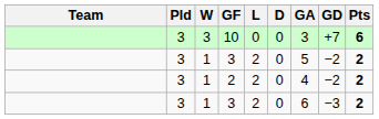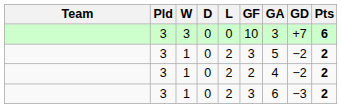 <table class="wikitable" style="text-align:center;">
 <tr>
 <th width=180>Team</th>
 <th width=20>Pld</th>
 <th width=20>W</th>
+<th width=20>D</th>
+<th width=20>L</th>
 <th width=20>GF</th>
-<th width=20>L</th>
-<th width=20>D</th>
 <th width=20>GA</th>
 <th width=20>GD</th>
 <th width=20>Pts</th>
 </tr>
 <tr bgcolor="ccffcc">
 <td align="left"></td>
 <td>3</td>
 <td>3</td>
-<td>10</td>
 <td>0</td>
 <td>0</td>
+<td>10</td>
 <td>3</td>
 <td>+7</td>
 <td><strong>6</strong></td>
 </tr>
 <tr>
 <td align="left"></td>
 <td>3</td>
 <td>1</td>
+<td>0</td>
+<td>2</td>
 <td>3</td>
-<td>2</td>
-<td>0</td>
 <td>5</td>
 <td>−2</td>
 <td><strong>2</strong></td>
 </tr>
 <tr>
 <td align="left"></td>
 <td>3</td>
 <td>1</td>
+<td>0</td>
 <td>2</td>
 <td>2</td>
-<td>0</td>
 <td>4</td>
 <td>−2</td>
 <td><strong>2</strong></td>
 </tr>
 <tr>
 <td align="left"></td>
 <td>3</td>
 <td>1</td>
+<td>0</td>
+<td>2</td>
 <td>3</td>
-<td>2</td>
-<td>0</td>
 <td>6</td>
 <td>−3</td>
 <td><strong>2</strong></td>
 </tr>
 </table>
